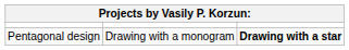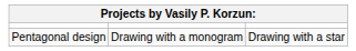 <table class="wikitable" style="margin:0.3em auto">
 <tr>
 <th class="hintergrundfarbe8" colspan="3">Projects by Vasily P. Korzun:</th>
 </tr>
 <tr align="center" bgcolor="#FFFFFF">
 <td></td>
 <td></td>
 <td></td>
 </tr>
 <tr class="hintergrundfarbe8" align="center">
 <td>Pentagonal design</td>
 <td>Drawing with a monogram</td>
-<td><strong>Drawing with a star</strong></td>
+<td>Drawing with a star</td>
 </tr>
 </table>
